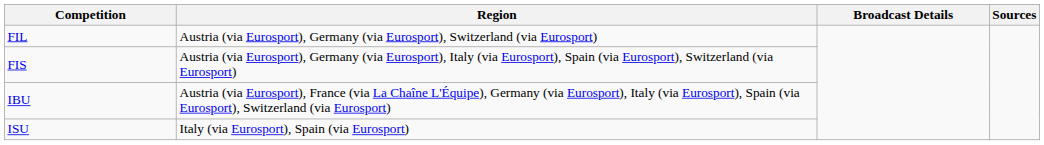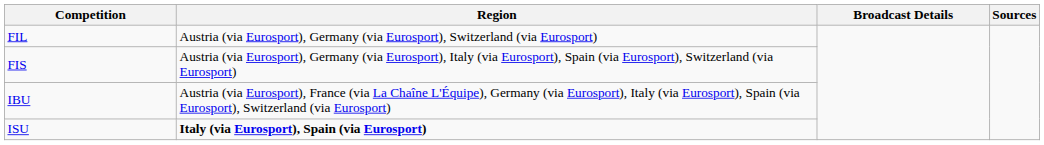 <table class="wikitable">
 <tr>
 <th width="200">Competition</th>
 <th>Region</th>
 <th width="200">Broadcast Details</th>
 <th>Sources</th>
 </tr>
 <tr>
 <td><a href='#'>FIL</a></td>
 <td>Austria (via <a href='#'>Eurosport</a>), Germany (via <a href='#'>Eurosport</a>), Switzerland (via <a href='#'>Eurosport</a>)</td>
 <td rowspan="4"></td>
 </tr>
 <tr>
 <td><a href='#'>FIS</a></td>
 <td>Austria (via <a href='#'>Eurosport</a>), Germany (via <a href='#'>Eurosport</a>), Italy (via <a href='#'>Eurosport</a>), Spain (via <a href='#'>Eurosport</a>), Switzerland (via <a href='#'>Eurosport</a>)</td>
 </tr>
 <tr>
 <td><a href='#'>IBU</a></td>
 <td>Austria (via <a href='#'>Eurosport</a>), France (via <a href='#'>La Chaîne L'Équipe</a>), Germany (via <a href='#'>Eurosport</a>), Italy (via <a href='#'>Eurosport</a>), Spain (via <a href='#'>Eurosport</a>), Switzerland (via <a href='#'>Eurosport</a>)</td>
 </tr>
 <tr>
 <td><a href='#'>ISU</a></td>
-<td>Italy (via <a href='#'>Eurosport</a>), Spain (via <a href='#'>Eurosport</a>)</td>
+<td><strong>Italy (via <a href='#'>Eurosport</a>), Spain (via <a href='#'>Eurosport</a>)</strong></td>
 </tr>
 </table>
